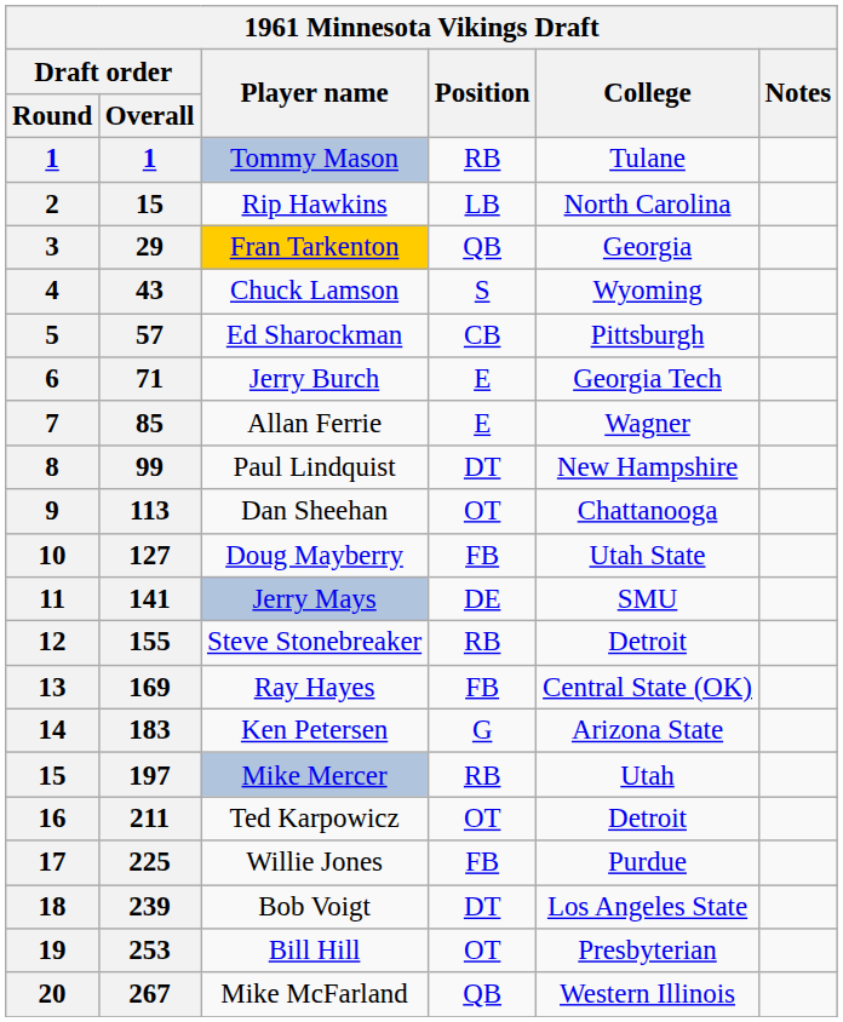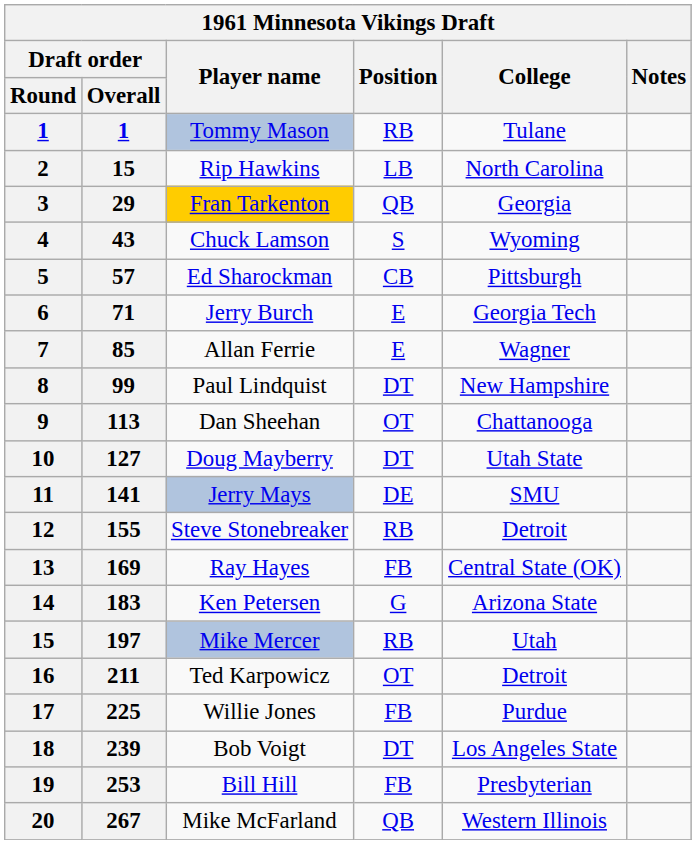 <table class="wikitable" style="text-align:center">
 <tr>
 <th colspan="6">1961 Minnesota Vikings Draft</th>
 </tr>
 <tr>
 <th colspan="2">Draft order</th>
 <th rowspan="2">Player name</th>
 <th rowspan="2">Position</th>
 <th rowspan="2">College</th>
 <th rowspan="2">Notes</th>
 </tr>
 <tr>
 <th>Round</th>
 <th>Overall</th>
 </tr>
 <tr>
 <th><a href='#'>1</a></th>
 <th><a href='#'>1</a></th>
 <td style="background-color:lightsteelblue"><a href='#'>Tommy Mason</a></td>
 <td><a href='#'>RB</a></td>
 <td><a href='#'>Tulane</a></td>
 <td></td>
 </tr>
 <tr>
 <th>2</th>
 <th>15</th>
 <td><a href='#'>Rip Hawkins</a></td>
 <td><a href='#'>LB</a></td>
 <td><a href='#'>North Carolina</a></td>
 <td></td>
 </tr>
 <tr>
 <th>3</th>
 <th>29</th>
 <td style="background-color:#FFCC00"><a href='#'>Fran Tarkenton</a></td>
 <td><a href='#'>QB</a></td>
 <td><a href='#'>Georgia</a></td>
 <td></td>
 </tr>
 <tr>
 <th>4</th>
 <th>43</th>
 <td><a href='#'>Chuck Lamson</a></td>
 <td><a href='#'>S</a></td>
 <td><a href='#'>Wyoming</a></td>
 <td></td>
 </tr>
 <tr>
 <th>5</th>
 <th>57</th>
 <td><a href='#'>Ed Sharockman</a></td>
 <td><a href='#'>CB</a></td>
 <td><a href='#'>Pittsburgh</a></td>
 <td></td>
 </tr>
 <tr>
 <th>6</th>
 <th>71</th>
 <td><a href='#'>Jerry Burch</a></td>
 <td><a href='#'>E</a></td>
 <td><a href='#'>Georgia Tech</a></td>
 <td></td>
 </tr>
 <tr>
 <th>7</th>
 <th>85</th>
 <td>Allan Ferrie</td>
 <td><a href='#'>E</a></td>
 <td><a href='#'>Wagner</a></td>
 <td></td>
 </tr>
 <tr>
 <th>8</th>
 <th>99</th>
 <td>Paul Lindquist</td>
 <td><a href='#'>DT</a></td>
 <td><a href='#'>New Hampshire</a></td>
 <td></td>
 </tr>
 <tr>
 <th>9</th>
 <th>113</th>
 <td>Dan Sheehan</td>
 <td><a href='#'>OT</a></td>
 <td><a href='#'>Chattanooga</a></td>
 <td></td>
 </tr>
 <tr>
 <th>10</th>
 <th>127</th>
 <td><a href='#'>Doug Mayberry</a></td>
-<td><a href='#'>FB</a></td>
+<td><a href='#'>DT</a></td>
 <td><a href='#'>Utah State</a></td>
 <td></td>
 </tr>
 <tr>
 <th>11</th>
 <th>141</th>
 <td style="background-color:lightsteelblue"><a href='#'>Jerry Mays</a></td>
 <td><a href='#'>DE</a></td>
 <td><a href='#'>SMU</a></td>
 <td></td>
 </tr>
 <tr>
 <th>12</th>
 <th>155</th>
 <td><a href='#'>Steve Stonebreaker</a></td>
 <td><a href='#'>RB</a></td>
 <td><a href='#'>Detroit</a></td>
 <td></td>
 </tr>
 <tr>
 <th>13</th>
 <th>169</th>
 <td><a href='#'>Ray Hayes</a></td>
 <td><a href='#'>FB</a></td>
 <td><a href='#'>Central State (OK)</a></td>
 <td></td>
 </tr>
 <tr>
 <th>14</th>
 <th>183</th>
 <td><a href='#'>Ken Petersen</a></td>
 <td><a href='#'>G</a></td>
 <td><a href='#'>Arizona State</a></td>
 <td></td>
 </tr>
 <tr>
 <th>15</th>
 <th>197</th>
 <td style="background-color:lightsteelblue"><a href='#'>Mike Mercer</a></td>
 <td><a href='#'>RB</a></td>
 <td><a href='#'>Utah</a></td>
 <td></td>
 </tr>
 <tr>
 <th>16</th>
 <th>211</th>
 <td>Ted Karpowicz</td>
 <td><a href='#'>OT</a></td>
 <td><a href='#'>Detroit</a></td>
 <td></td>
 </tr>
 <tr>
 <th>17</th>
 <th>225</th>
 <td>Willie Jones</td>
 <td><a href='#'>FB</a></td>
 <td><a href='#'>Purdue</a></td>
 <td></td>
 </tr>
 <tr>
 <th>18</th>
 <th>239</th>
 <td>Bob Voigt</td>
 <td><a href='#'>DT</a></td>
 <td><a href='#'>Los Angeles State</a></td>
 <td></td>
 </tr>
 <tr>
 <th>19</th>
 <th>253</th>
 <td><a href='#'>Bill Hill</a></td>
-<td><a href='#'>OT</a></td>
+<td><a href='#'>FB</a></td>
 <td><a href='#'>Presbyterian</a></td>
 <td></td>
 </tr>
 <tr>
 <th>20</th>
 <th>267</th>
 <td>Mike McFarland</td>
 <td><a href='#'>QB</a></td>
 <td><a href='#'>Western Illinois</a></td>
 <td></td>
 </tr>
 </table>
